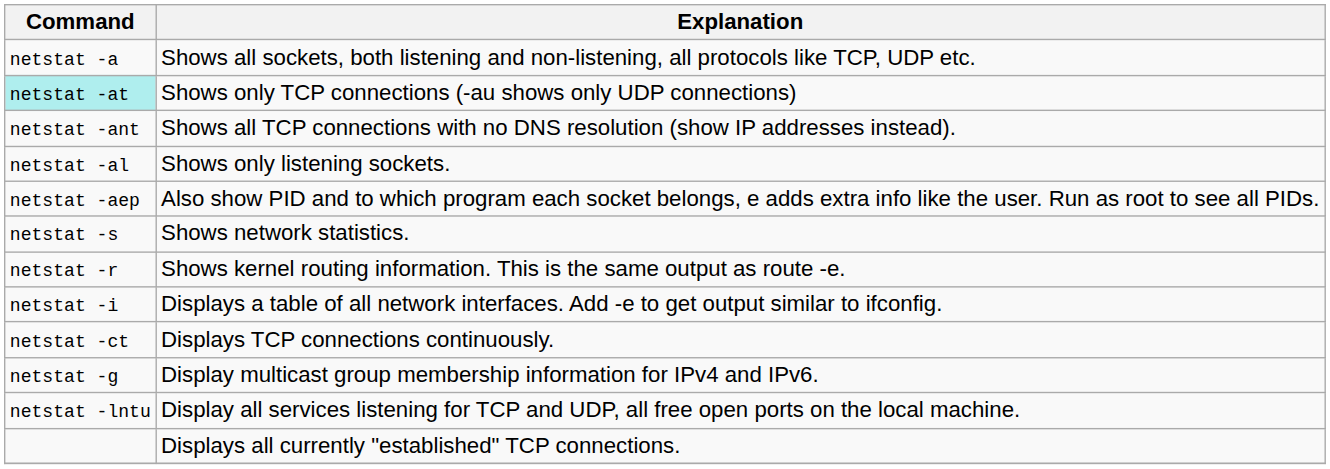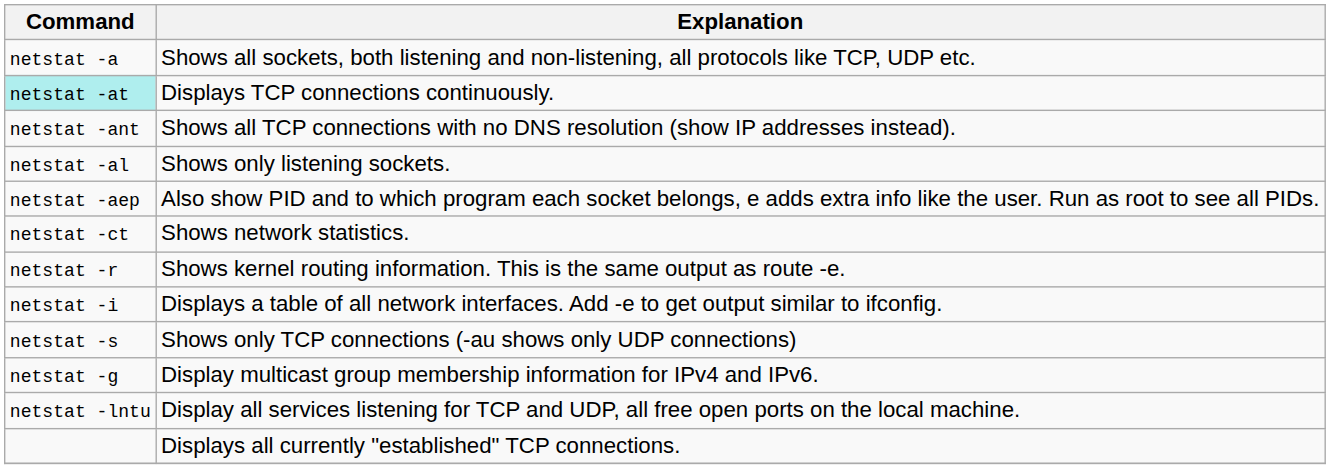 <table class="wikitable">
 <tr>
 <th>Command</th>
 <th>Explanation</th>
 </tr>
 <tr>
 <td><code>netstat -a</code></td>
 <td>Shows all sockets, both listening and non-listening, all protocols like TCP, UDP etc.</td>
 </tr>
 <tr>
 <td style="background: paleturquoise;"><code>netstat -at</code></td>
-<td>Shows only TCP connections (-au shows only UDP connections)</td>
+<td>Displays TCP connections continuously.</td>
 </tr>
 <tr>
 <td><code>netstat -ant</code></td>
 <td>Shows all TCP connections with no DNS resolution (show IP addresses instead).</td>
 </tr>
 <tr>
 <td><code>netstat -al</code></td>
 <td>Shows only listening sockets.</td>
 </tr>
 <tr>
 <td><code>netstat -aep</code></td>
 <td>Also show PID and to which program each socket belongs, e adds extra info like the user. Run as root to see all PIDs.</td>
 </tr>
 <tr>
-<td><code>netstat -s</code></td>
+<td><code>netstat -ct</code></td>
 <td>Shows network statistics.</td>
 </tr>
 <tr>
 <td><code>netstat -r</code></td>
 <td>Shows kernel routing information. This is the same output as route -e.</td>
 </tr>
 <tr>
 <td><code>netstat -i</code></td>
 <td>Displays a table of all network interfaces. Add -e to get output similar to ifconfig.</td>
 </tr>
 <tr>
-<td><code>netstat -ct</code></td>
-<td>Displays TCP connections continuously.</td>
+<td><code>netstat -s</code></td>
+<td>Shows only TCP connections (-au shows only UDP connections)</td>
 </tr>
 <tr>
 <td><code>netstat -g</code></td>
 <td>Display multicast group membership information for IPv4 and IPv6.</td>
 </tr>
 <tr>
 <td><code>netstat -lntu</code></td>
 <td>Display all services listening for TCP and UDP, all free open ports on the local machine.</td>
 </tr>
 <tr>
 <td><code></code></td>
 <td>Displays all currently "established" TCP connections.</td>
 </tr>
 <tr>
 </tr>
 </table>
